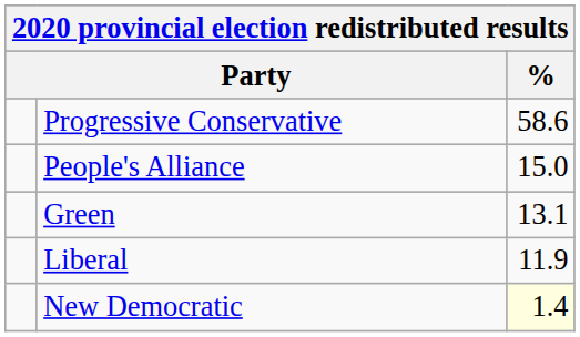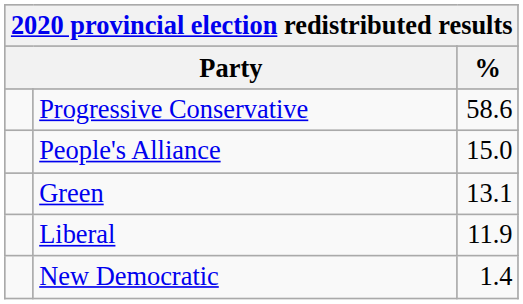 <table class="wikitable">
 <tr>
 <th colspan="4"><a href='#'>2020 provincial election</a> redistributed results</th>
 </tr>
 <tr>
 <th bgcolor="#DDDDFF" width="130px" colspan="2">Party</th>
 <th bgcolor="#DDDDFF" width="30px">%</th>
 </tr>
 <tr>
 <td> </td>
 <td><a href='#'>Progressive Conservative</a></td>
 <td align=right>58.6</td>
 </tr>
 <tr>
 <td> </td>
 <td><a href='#'>People's Alliance</a></td>
 <td align=right>15.0</td>
 </tr>
 <tr>
 <td> </td>
 <td><a href='#'>Green</a></td>
 <td align=right>13.1</td>
 </tr>
 <tr>
 <td> </td>
 <td><a href='#'>Liberal</a></td>
 <td align=right>11.9</td>
 </tr>
 <tr>
 <td> </td>
 <td><a href='#'>New Democratic</a></td>
-<td align=right style="background: lightyellow;">1.4</td>
+<td align=right>1.4</td>
 </tr>
 </table>
